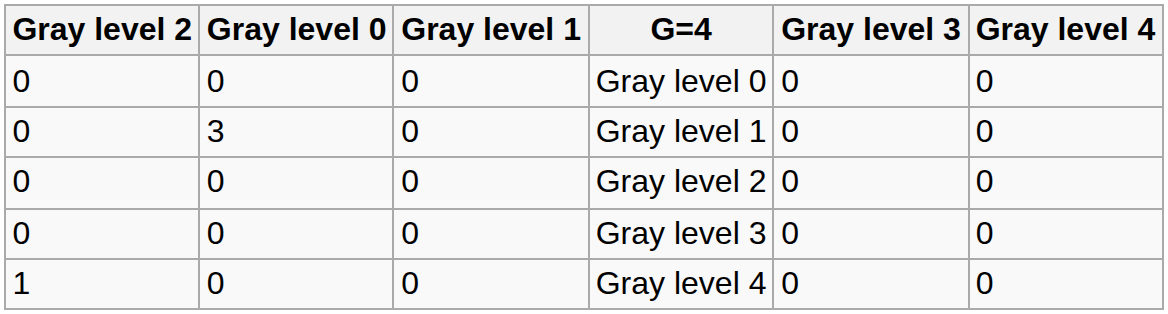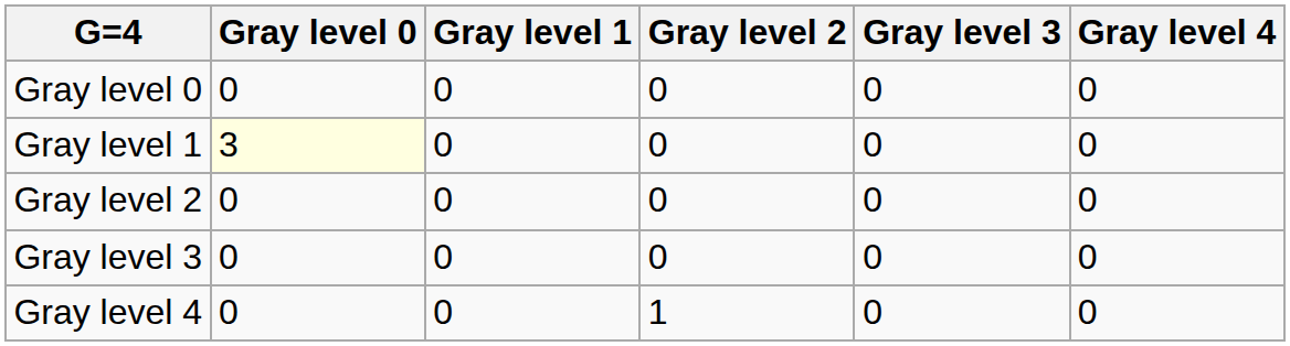 <table class="wikitable">
 <tr>
-<th>Gray level 2</th>
+<th>G=4</th>
 <th>Gray level 0</th>
 <th>Gray level 1</th>
-<th>G=4</th>
+<th>Gray level 2</th>
 <th>Gray level 3</th>
 <th>Gray level 4</th>
 </tr>
 <tr>
+<td>Gray level 0</td>
 <td>0</td>
 <td>0</td>
 <td>0</td>
-<td>Gray level 0</td>
 <td>0</td>
 <td>0</td>
 </tr>
 <tr>
+<td>Gray level 1</td>
+<td style="background: lightyellow;">3</td>
 <td>0</td>
-<td>3</td>
 <td>0</td>
-<td>Gray level 1</td>
 <td>0</td>
 <td>0</td>
 </tr>
 <tr>
+<td>Gray level 2</td>
 <td>0</td>
 <td>0</td>
 <td>0</td>
-<td>Gray level 2</td>
 <td>0</td>
 <td>0</td>
 </tr>
 <tr>
+<td>Gray level 3</td>
 <td>0</td>
 <td>0</td>
 <td>0</td>
-<td>Gray level 3</td>
 <td>0</td>
 <td>0</td>
 </tr>
 <tr>
-<td>1</td>
+<td>Gray level 4</td>
 <td>0</td>
 <td>0</td>
-<td>Gray level 4</td>
+<td>1</td>
 <td>0</td>
 <td>0</td>
 </tr>
 </table>
